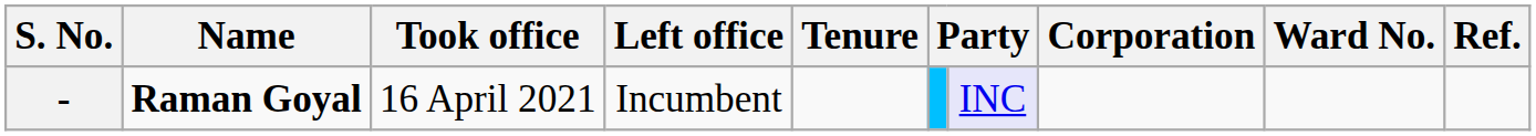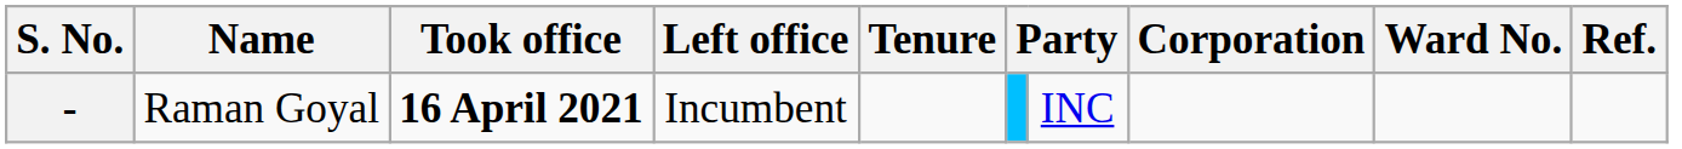 <table class="wikitable" style="text-align:center">
 <tr>
 <th>S. No.</th>
 <th>Name</th>
 <th>Took office</th>
 <th>Left office</th>
 <th>Tenure</th>
 <th colspan=2>Party</th>
 <th>Corporation</th>
 <th>Ward No.</th>
 <th>Ref.</th>
 </tr>
 <tr>
 <th>-</th>
-<td><strong>Raman Goyal</strong></td>
-<td>16 April 2021</td>
+<td>Raman Goyal</td>
+<td><strong>16 April 2021</strong></td>
 <td>Incumbent</td>
 <td></td>
 <td bgcolor=#00BFFF></td>
-<td style="background: lavender;"><a href='#'>INC</a></td>
+<td><a href='#'>INC</a></td>
 <td></td>
 <td></td>
 <td></td>
 </tr>
 </table>
